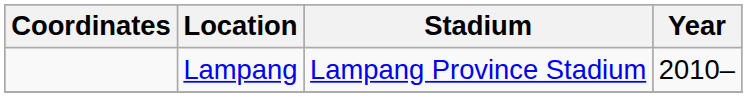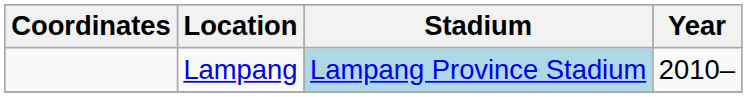 <table class="wikitable sortable">
 <tr>
 <th>Coordinates</th>
 <th>Location</th>
 <th>Stadium</th>
 <th>Year</th>
 </tr>
 <tr>
 <td></td>
 <td><a href='#'>Lampang</a></td>
-<td><a href='#'>Lampang Province Stadium</a></td>
+<td style="background: lightblue;"><a href='#'>Lampang Province Stadium</a></td>
 <td>2010–</td>
 </tr>
 <tr>
 </tr>
 </table>
